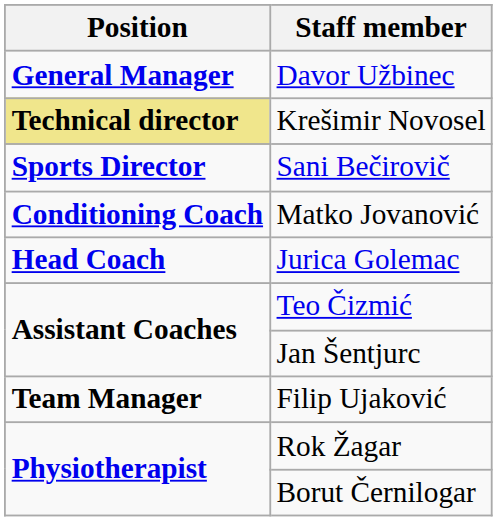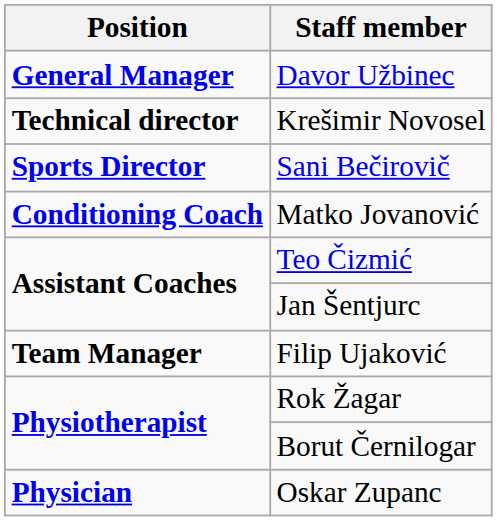 <table class="wikitable">
 <tr>
 <th>Position</th>
 <th>Staff member</th>
 </tr>
 <tr>
 <td><strong><a href='#'>General Manager</a></strong></td>
 <td> <a href='#'>Davor Užbinec</a></td>
 </tr>
 <tr>
-<td style="background: khaki;"><strong>Technical director</strong></td>
+<td><strong>Technical director</strong></td>
 <td> Krešimir Novosel</td>
 </tr>
 <tr>
 <td><strong><a href='#'>Sports Director</a></strong></td>
 <td> <a href='#'>Sani Bečirovič</a></td>
 </tr>
 <tr>
 <td><strong><a href='#'>Conditioning Coach</a></strong></td>
 <td> Matko Jovanović</td>
-</tr>
-<tr>
-<td><strong><a href='#'>Head Coach</a></strong></td>
-<td> <a href='#'>Jurica Golemac</a></td>
 </tr>
 <tr>
 <td rowspan=2><strong>Assistant Coaches</strong></td>
 <td> <a href='#'>Teo Čizmić</a></td>
 </tr>
 <tr>
 <td> Jan Šentjurc</td>
 </tr>
 <tr>
 <td><strong>Team Manager</strong></td>
 <td> Filip Ujaković</td>
 </tr>
 <tr>
 <td rowspan=2><strong><a href='#'>Physiotherapist</a></strong></td>
 <td> Rok Žagar</td>
 </tr>
 <tr>
 <td> Borut Černilogar</td>
 </tr>
+<tr>
+<td><strong><a href='#'>Physician</a></strong></td>
+<td> Oskar Zupanc</td>
+</tr>
 </table>
